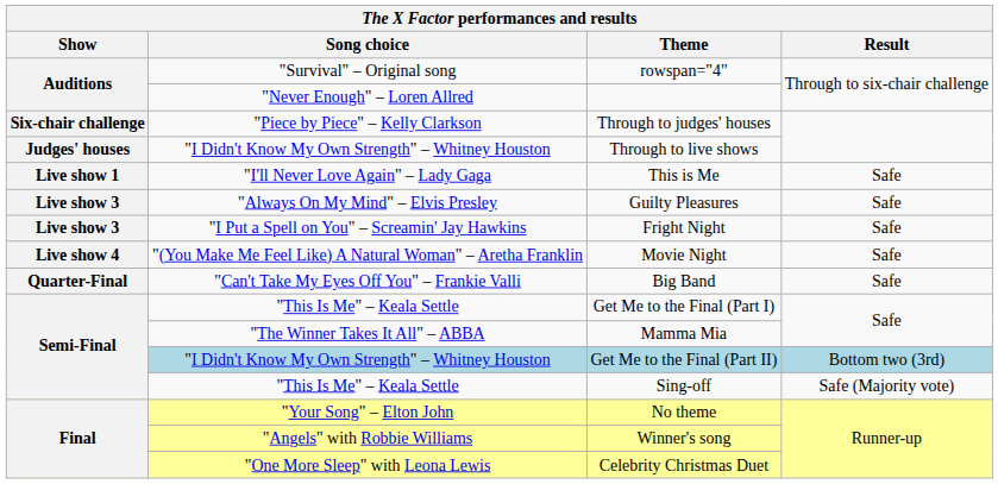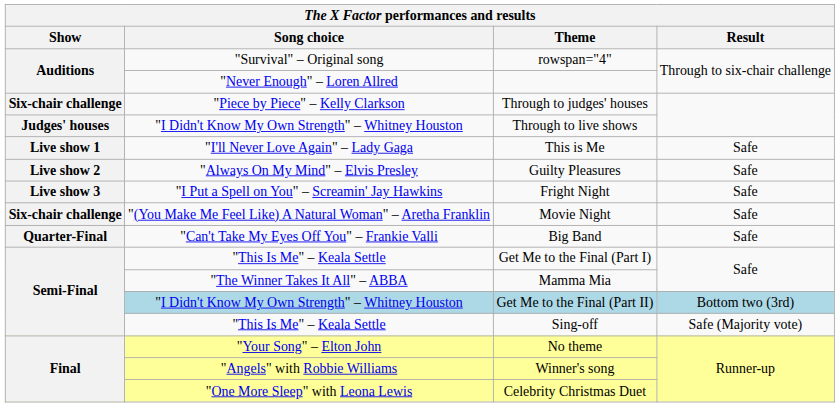 <table class="wikitable collapsible collapsed" style="margin:1em auto 1em auto; text-align:center;">
 <tr>
 <th colspan="4"><em>The X Factor</em> performances and results</th>
 </tr>
 <tr>
 <th style="text-align:centre;">Show</th>
 <th style="text-align:centre;">Song choice</th>
 <th style="text-align:centre;">Theme</th>
 <th style="text-align:centre;">Result</th>
 </tr>
 <tr>
 <th rowspan="2">Auditions</th>
 <td>"Survival" – Original song</td>
 <td>rowspan="4" </td>
 <td rowspan="2">Through to six-chair challenge</td>
 </tr>
 <tr>
 <td>"<a href='#'>Never Enough</a>" – <a href='#'>Loren Allred</a></td>
 </tr>
 <tr>
 <th>Six-chair challenge</th>
 <td>"<a href='#'>Piece by Piece</a>" – <a href='#'>Kelly Clarkson</a></td>
 <td>Through to judges' houses</td>
 </tr>
 <tr>
 <th>Judges' houses</th>
 <td>"<a href='#'>I Didn't Know My Own Strength</a>" – <a href='#'>Whitney Houston</a></td>
 <td>Through to live shows</td>
 </tr>
 <tr>
 <th>Live show 1</th>
 <td>"<a href='#'>I'll Never Love Again</a>" – <a href='#'>Lady Gaga</a></td>
 <td>This is Me</td>
 <td>Safe</td>
 </tr>
 <tr>
-<th>Live show 3</th>
+<th>Live show 2</th>
 <td>"<a href='#'>Always On My Mind</a>" – <a href='#'>Elvis Presley</a></td>
 <td>Guilty Pleasures</td>
 <td>Safe</td>
 </tr>
 <tr>
 <th>Live show 3</th>
 <td>"<a href='#'>I Put a Spell on You</a>" – <a href='#'>Screamin' Jay Hawkins</a></td>
 <td>Fright Night</td>
 <td>Safe</td>
 </tr>
 <tr>
-<th>Live show 4</th>
+<th>Six-chair challenge</th>
 <td>"<a href='#'>(You Make Me Feel Like) A Natural Woman</a>" – <a href='#'>Aretha Franklin</a></td>
 <td>Movie Night</td>
 <td>Safe</td>
 </tr>
 <tr>
 <th>Quarter-Final</th>
 <td>"<a href='#'>Can't Take My Eyes Off You</a>" – <a href='#'>Frankie Valli</a></td>
 <td>Big Band</td>
 <td>Safe</td>
 </tr>
 <tr>
 <th rowspan="4">Semi-Final</th>
 <td>"<a href='#'>This Is Me</a>" – <a href='#'>Keala Settle</a></td>
 <td>Get Me to the Final (Part I)</td>
 <td rowspan="2">Safe</td>
 </tr>
 <tr>
 <td>"<a href='#'>The Winner Takes It All</a>" – <a href='#'>ABBA</a></td>
 <td>Mamma Mia</td>
 </tr>
 <tr style="background:lightblue;">
 <td>"<a href='#'>I Didn't Know My Own Strength</a>" – <a href='#'>Whitney Houston</a></td>
 <td>Get Me to the Final (Part II)</td>
 <td>Bottom two (3rd)</td>
 </tr>
 <tr>
 <td>"<a href='#'>This Is Me</a>" – <a href='#'>Keala Settle</a></td>
 <td>Sing-off</td>
 <td>Safe (Majority vote)</td>
 </tr>
 <tr style="background:#ff9;">
 <th rowspan="3">Final</th>
 <td>"<a href='#'>Your Song</a>" – <a href='#'>Elton John</a></td>
 <td>No theme</td>
 <td rowspan="3">Runner-up</td>
 </tr>
 <tr style="background:#ff9;">
 <td>"<a href='#'>Angels</a>" with <a href='#'>Robbie Williams</a></td>
 <td>Winner's song</td>
 </tr>
 <tr style="background:#ff9;">
 <td>"<a href='#'>One More Sleep</a>" with <a href='#'>Leona Lewis</a></td>
 <td>Celebrity Christmas Duet</td>
 </tr>
 </table>
